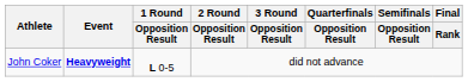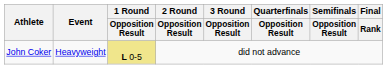 <table class="wikitable" style="font-size:90%">
 <tr>
 <th rowspan="2">Athlete</th>
 <th rowspan="2">Event</th>
 <th>1 Round</th>
 <th>2 Round</th>
 <th>3 Round</th>
 <th>Quarterfinals</th>
 <th>Semifinals</th>
 <th colspan=2>Final</th>
 </tr>
 <tr style="font-size:95%">
 <th>Opposition<br>Result</th>
 <th>Opposition<br>Result</th>
 <th>Opposition<br>Result</th>
 <th>Opposition<br>Result</th>
 <th>Opposition<br>Result</th>
 <th colspan=2>Rank</th>
 </tr>
 <tr align=center>
 <td align=left><a href='#'>John Coker</a></td>
-<td align=left><strong><a href='#'>Heavyweight</a></strong></td>
-<td><br><strong>L</strong> 0-5</td>
+<td align=left><a href='#'>Heavyweight</a></td>
+<td style="background: khaki;"><br><strong>L</strong> 0-5</td>
 <td colspan=6>did not advance</td>
 </tr>
 </table>
